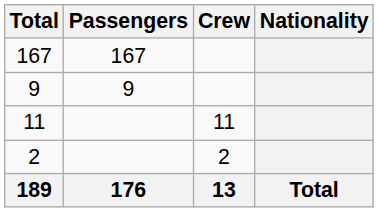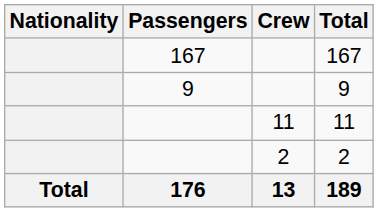 <table class="wikitable sortable plainrowheaders" style="text-align:center;">
 <tr>
-<th scope="col">Total</th>
+<th scope="col">Nationality</th>
 <th scope="col">Passengers</th>
 <th scope="col">Crew</th>
-<th scope="col">Nationality</th>
+<th scope="col">Total</th>
 </tr>
 <tr>
-<td>167</td>
+<th scope="row"></th>
 <td>167</td>
 <td></td>
-<th scope="row"></th>
+<td>167</td>
 </tr>
 <tr>
-<td>9</td>
+<th scope="row"></th>
 <td>9</td>
 <td></td>
-<th scope="row"></th>
+<td>9</td>
 </tr>
 <tr>
-<td>11</td>
+<th scope="row"></th>
 <td></td>
 <td>11</td>
-<th scope="row"></th>
+<td>11</td>
 </tr>
 <tr>
-<td>2</td>
+<th scope="row"></th>
 <td></td>
 <td>2</td>
-<th scope="row"></th>
+<td>2</td>
 </tr>
 <tr>
-<th>189</th>
+<th>Total</th>
 <th>176</th>
 <th>13</th>
-<th>Total</th>
+<th>189</th>
 </tr>
 </table>
